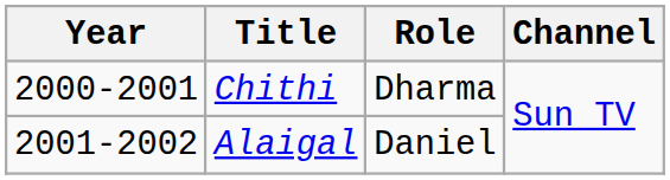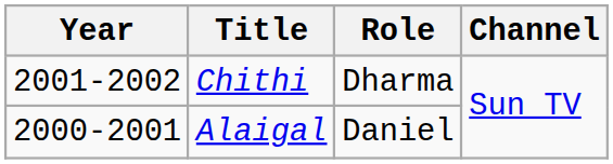 <table class="wikitable sortable">
 <tr>
 <th>Year</th>
 <th>Title</th>
 <th>Role</th>
 <th>Channel</th>
 </tr>
 <tr>
-<td>2000-2001</td>
+<td>2001-2002</td>
 <td><em><a href='#'>Chithi</a></em></td>
 <td>Dharma</td>
 <td rowspan="5"><a href='#'>Sun TV</a></td>
 </tr>
 <tr>
-<td>2001-2002</td>
+<td>2000-2001</td>
 <td><em><a href='#'>Alaigal</a></em></td>
 <td>Daniel</td>
 </tr>
 </table>
